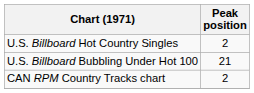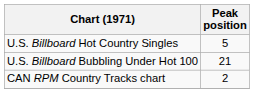 <table class="wikitable sortable">
 <tr>
 <th align="left">Chart (1971)</th>
 <th align="center">Peak<br>position</th>
 </tr>
 <tr>
 <td align="left">U.S. <em>Billboard</em> Hot Country Singles</td>
-<td align="center">2</td>
+<td align="center">5</td>
 </tr>
 <tr>
 <td align="left">U.S. <em>Billboard</em> Bubbling Under Hot 100</td>
 <td align="center">21</td>
 </tr>
 <tr>
 <td align="left">CAN <em>RPM</em> Country Tracks chart</td>
 <td align="center">2</td>
 </tr>
 <tr>
 </tr>
 </table>
